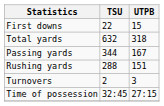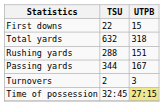 <table class="wikitable" style="float: left;">
 <tr>
 <th>Statistics</th>
 <th>TSU</th>
 <th>UTPB</th>
 </tr>
 <tr>
 <td>First downs</td>
 <td>22</td>
 <td>15</td>
 </tr>
 <tr>
 <td>Total yards</td>
 <td>632</td>
 <td>318</td>
 </tr>
 <tr>
+<td>Rushing yards</td>
+<td>288</td>
+<td>151</td>
+</tr>
+<tr>
 <td>Passing yards</td>
 <td>344</td>
 <td>167</td>
-</tr>
-<tr>
-<td>Rushing yards</td>
-<td>288</td>
-<td>151</td>
 </tr>
 <tr>
 <td>Turnovers</td>
 <td>2</td>
 <td>3</td>
 </tr>
 <tr>
 <td>Time of possession</td>
 <td>32:45</td>
-<td>27:15</td>
+<td style="background: khaki;">27:15</td>
 </tr>
 <tr>
 </tr>
 </table>
